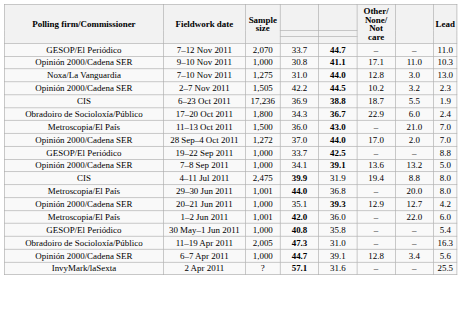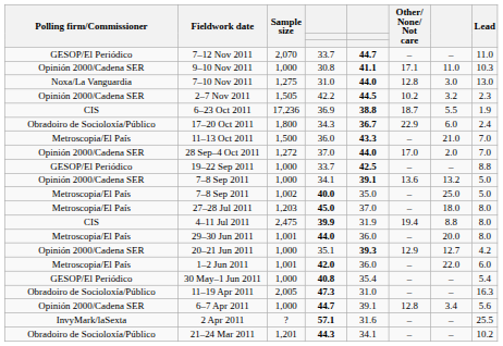 <table class="wikitable collapsible collapsed" style="text-align:center; font-size:90%; line-height:14px;">
 <tr style="height:42px;">
 <th style="width:250px;" rowspan="3">Polling firm/Commissioner</th>
 <th style="width:125px;" rowspan="3">Fieldwork date</th>
 <th style="width:50px;" rowspan="3">Sample size</th>
 <th style="width:55px;"></th>
 <th style="width:55px;"></th>
 <th style="width:55px;" rowspan="3">Other/<br>None/<br>Not<br>care</th>
 <th style="width:55px;" rowspan="3"></th>
 <th style="width:30px;" rowspan="3">Lead</th>
 </tr>
 <tr>
 <th style="color:inherit;background:"></th>
 <th style="color:inherit;background:"></th>
 </tr>
 <tr>
 <th></th>
 <th></th>
 </tr>
 <tr>
 <td>GESOP/El Periódico</td>
 <td>7–12 Nov 2011</td>
 <td>2,070</td>
 <td>33.7</td>
 <td><strong>44.7</strong></td>
 <td>–</td>
 <td>–</td>
 <td style="background:">11.0</td>
 </tr>
 <tr>
 <td>Opinión 2000/Cadena SER</td>
 <td>9–10 Nov 2011</td>
 <td>1,000</td>
 <td>30.8</td>
 <td><strong>41.1</strong></td>
 <td>17.1</td>
 <td>11.0</td>
 <td style="background:">10.3</td>
 </tr>
 <tr>
 <td>Noxa/La Vanguardia</td>
 <td>7–10 Nov 2011</td>
 <td>1,275</td>
 <td>31.0</td>
 <td><strong>44.0</strong></td>
 <td>12.8</td>
 <td>3.0</td>
 <td style="background:">13.0</td>
 </tr>
 <tr>
 <td>Opinión 2000/Cadena SER</td>
 <td>2–7 Nov 2011</td>
 <td>1,505</td>
 <td>42.2</td>
 <td><strong>44.5</strong></td>
 <td>10.2</td>
 <td>3.2</td>
 <td style="background:">2.3</td>
 </tr>
 <tr>
 <td>CIS</td>
 <td>6–23 Oct 2011</td>
 <td>17,236</td>
 <td>36.9</td>
 <td><strong>38.8</strong></td>
 <td>18.7</td>
 <td>5.5</td>
 <td style="background:">1.9</td>
 </tr>
 <tr>
 <td>Obradoiro de Socioloxía/Público</td>
 <td>17–20 Oct 2011</td>
 <td>1,800</td>
 <td>34.3</td>
 <td><strong>36.7</strong></td>
 <td>22.9</td>
 <td>6.0</td>
 <td style="background:">2.4</td>
 </tr>
 <tr>
 <td>Metroscopia/El País</td>
 <td>11–13 Oct 2011</td>
 <td>1,500</td>
 <td>36.0</td>
-<td><strong>43.0</strong></td>
+<td><strong>43.3</strong></td>
 <td>–</td>
 <td>21.0</td>
 <td style="background:">7.0</td>
 </tr>
 <tr>
 <td>Opinión 2000/Cadena SER</td>
 <td>28 Sep–4 Oct 2011</td>
 <td>1,272</td>
 <td>37.0</td>
 <td><strong>44.0</strong></td>
 <td>17.0</td>
 <td>2.0</td>
 <td style="background:">7.0</td>
 </tr>
 <tr>
 <td>GESOP/El Periódico</td>
 <td>19–22 Sep 2011</td>
 <td>1,000</td>
 <td>33.7</td>
 <td><strong>42.5</strong></td>
 <td>–</td>
 <td>–</td>
 <td style="background:">8.8</td>
 </tr>
 <tr>
 <td>Opinión 2000/Cadena SER</td>
 <td>7–8 Sep 2011</td>
 <td>1,000</td>
 <td>34.1</td>
 <td><strong>39.1</strong></td>
 <td>13.6</td>
 <td>13.2</td>
 <td style="background:">5.0</td>
 </tr>
 <tr>
+<td>Metroscopia/El País</td>
+<td>7–8 Sep 2011</td>
+<td>1,002</td>
+<td><strong>40.0</strong></td>
+<td>35.0</td>
+<td>–</td>
+<td>25.0</td>
+<td style="background:">5.0</td>
+</tr>
+<tr>
+<td>Metroscopia/El País</td>
+<td>27–28 Jul 2011</td>
+<td>1,203</td>
+<td><strong>45.0</strong></td>
+<td>37.0</td>
+<td>–</td>
+<td>18.0</td>
+<td style="background:">8.0</td>
+</tr>
+<tr>
 <td>CIS</td>
 <td>4–11 Jul 2011</td>
 <td>2,475</td>
 <td><strong>39.9</strong></td>
 <td>31.9</td>
 <td>19.4</td>
 <td>8.8</td>
 <td style="background:">8.0</td>
 </tr>
 <tr>
 <td>Metroscopia/El País</td>
 <td>29–30 Jun 2011</td>
 <td>1,001</td>
 <td><strong>44.0</strong></td>
-<td>36.8</td>
+<td>36.0</td>
 <td>–</td>
 <td>20.0</td>
 <td style="background:">8.0</td>
 </tr>
 <tr>
 <td>Opinión 2000/Cadena SER</td>
 <td>20–21 Jun 2011</td>
 <td>1,000</td>
 <td>35.1</td>
 <td><strong>39.3</strong></td>
 <td>12.9</td>
 <td>12.7</td>
 <td style="background:">4.2</td>
 </tr>
 <tr>
 <td>Metroscopia/El País</td>
 <td>1–2 Jun 2011</td>
 <td>1,001</td>
 <td><strong>42.0</strong></td>
 <td>36.0</td>
 <td>–</td>
 <td>22.0</td>
 <td style="background:">6.0</td>
 </tr>
 <tr>
 <td>GESOP/El Periódico</td>
 <td>30 May–1 Jun 2011</td>
 <td>1,000</td>
 <td><strong>40.8</strong></td>
-<td>35.8</td>
+<td>35.4</td>
 <td>–</td>
 <td>–</td>
 <td style="background:">5.4</td>
 </tr>
 <tr>
 <td>Obradoiro de Socioloxía/Público</td>
 <td>11–19 Apr 2011</td>
 <td>2,005</td>
 <td><strong>47.3</strong></td>
 <td>31.0</td>
 <td>–</td>
 <td>–</td>
 <td style="background:">16.3</td>
 </tr>
 <tr>
 <td>Opinión 2000/Cadena SER</td>
 <td>6–7 Apr 2011</td>
 <td>1,000</td>
 <td><strong>44.7</strong></td>
 <td>39.1</td>
 <td>12.8</td>
 <td>3.4</td>
 <td style="background:">5.6</td>
 </tr>
 <tr>
 <td>InvyMark/laSexta</td>
 <td>2 Apr 2011</td>
 <td>?</td>
 <td><strong>57.1</strong></td>
 <td>31.6</td>
 <td>–</td>
 <td>–</td>
 <td style="background:">25.5</td>
 </tr>
+<tr>
+<td>Obradoiro de Socioloxía/Público</td>
+<td>21–24 Mar 2011</td>
+<td>1,201</td>
+<td><strong>44.3</strong></td>
+<td>34.1</td>
+<td>–</td>
+<td>–</td>
+<td style="background:">10.2</td>
+</tr>
 </table>
